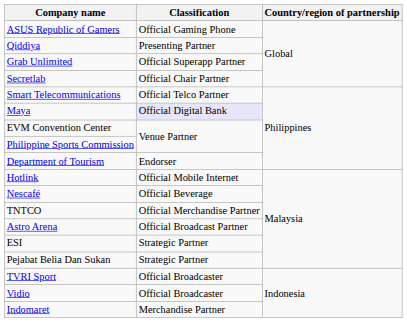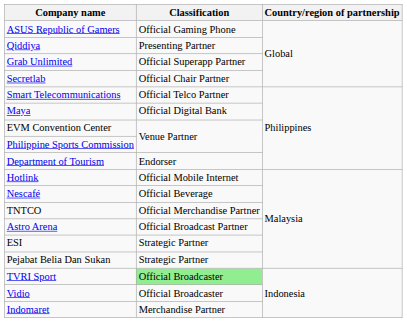 <table class="wikitable">
 <tr>
 <th>Company name</th>
 <th>Classification</th>
 <th>Country/region of partnership</th>
 </tr>
 <tr>
 <td><a href='#'>ASUS Republic of Gamers</a></td>
 <td>Official Gaming Phone</td>
 <td rowspan="4">Global</td>
 </tr>
 <tr>
 <td><a href='#'>Qiddiya</a></td>
 <td>Presenting Partner</td>
 </tr>
 <tr>
 <td><a href='#'>Grab Unlimited</a></td>
 <td>Official Superapp Partner</td>
 </tr>
 <tr>
 <td><a href='#'>Secretlab</a></td>
 <td>Official Chair Partner</td>
 </tr>
 <tr>
 <td><a href='#'>Smart Telecommunications</a></td>
 <td>Official Telco Partner</td>
 <td rowspan="5">Philippines</td>
 </tr>
 <tr>
 <td><a href='#'>Maya</a></td>
-<td style="background: lavender;">Official Digital Bank</td>
+<td>Official Digital Bank</td>
 </tr>
 <tr>
 <td>EVM Convention Center</td>
 <td rowspan="2">Venue Partner</td>
 </tr>
 <tr>
 <td><a href='#'>Philippine Sports Commission</a></td>
 </tr>
 <tr>
 <td><a href='#'>Department of Tourism</a></td>
 <td>Endorser</td>
 </tr>
 <tr>
 <td><a href='#'>Hotlink</a></td>
 <td>Official Mobile Internet</td>
 <td rowspan="6">Malaysia</td>
 </tr>
 <tr>
 <td><a href='#'>Nescafé</a></td>
 <td>Official Beverage</td>
 </tr>
 <tr>
 <td>TNTCO</td>
 <td>Official Merchandise Partner</td>
 </tr>
 <tr>
 <td><a href='#'>Astro Arena</a></td>
 <td>Official Broadcast Partner</td>
 </tr>
 <tr>
 <td>ESI</td>
 <td>Strategic Partner</td>
 </tr>
 <tr>
 <td>Pejabat Belia Dan Sukan</td>
 <td>Strategic Partner</td>
 </tr>
 <tr>
 <td><a href='#'>TVRI Sport</a></td>
-<td>Official Broadcaster</td>
+<td style="background: lightgreen;">Official Broadcaster</td>
 <td rowspan="3">Indonesia</td>
 </tr>
 <tr>
 <td><a href='#'>Vidio</a></td>
 <td>Official Broadcaster</td>
 </tr>
 <tr>
 <td><a href='#'>Indomaret</a></td>
 <td>Merchandise Partner</td>
 </tr>
 </table>
